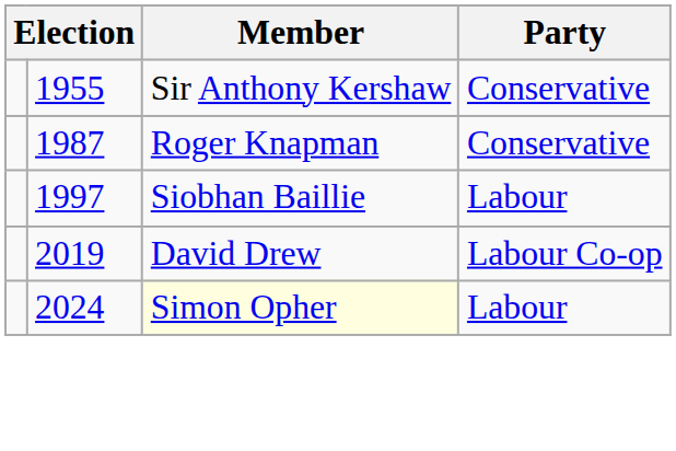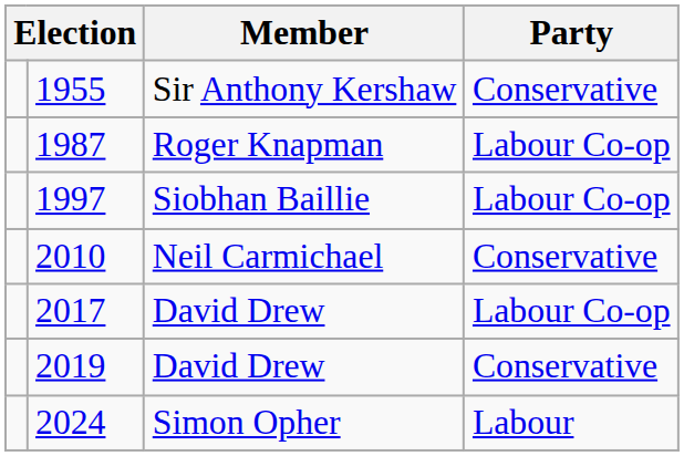 <table class="wikitable">
 <tr>
 <th colspan="2">Election</th>
 <th>Member</th>
 <th>Party</th>
 </tr>
 <tr>
 <td style="color:inherit;background-color: "></td>
 <td><a href='#'>1955</a></td>
 <td>Sir <a href='#'>Anthony Kershaw</a></td>
 <td><a href='#'>Conservative</a></td>
 </tr>
 <tr>
 <td style="color:inherit;background-color: "></td>
 <td><a href='#'>1987</a></td>
 <td><a href='#'>Roger Knapman</a></td>
-<td><a href='#'>Conservative</a></td>
+<td><a href='#'>Labour Co-op</a></td>
 </tr>
 <tr>
 <td style="color:inherit;background-color: "></td>
 <td><a href='#'>1997</a></td>
 <td><a href='#'>Siobhan Baillie</a></td>
-<td><a href='#'>Labour</a></td>
+<td><a href='#'>Labour Co-op</a></td>
+</tr>
+<tr>
+<td style="color:inherit;background-color: "></td>
+<td><a href='#'>2010</a></td>
+<td><a href='#'>Neil Carmichael</a></td>
+<td><a href='#'>Conservative</a></td>
+</tr>
+<tr>
+<td style="color:inherit;background-color: "></td>
+<td><a href='#'>2017</a></td>
+<td><a href='#'>David Drew</a></td>
+<td><a href='#'>Labour Co-op</a></td>
 </tr>
 <tr>
 <td style="color:inherit;background-color: "></td>
 <td><a href='#'>2019</a></td>
 <td><a href='#'>David Drew</a></td>
-<td><a href='#'>Labour Co-op</a></td>
+<td><a href='#'>Conservative</a></td>
 </tr>
 <tr>
 <td style="color:inherit;background-color: "></td>
 <td><a href='#'>2024</a></td>
-<td style="background: lightyellow;"><a href='#'>Simon Opher</a></td>
+<td><a href='#'>Simon Opher</a></td>
 <td><a href='#'>Labour</a></td>
 </tr>
 </table>
